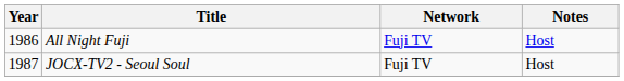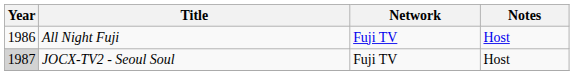 <table class="wikitable" style="width:650px">
 <tr>
 <th width=10>Year</th>
 <th>Title</th>
 <th>Network</th>
 <th>Notes</th>
 </tr>
 <tr>
 <td>1986</td>
 <td><em>All Night Fuji</em></td>
 <td><a href='#'>Fuji TV</a></td>
 <td><a href='#'>Host</a></td>
 </tr>
 <tr>
-<td>1987</td>
+<td style="background: lightgrey;">1987</td>
 <td><em>JOCX-TV2 - Seoul Soul</em></td>
 <td>Fuji TV</td>
 <td>Host</td>
 </tr>
 <tr>
 </tr>
 </table>
